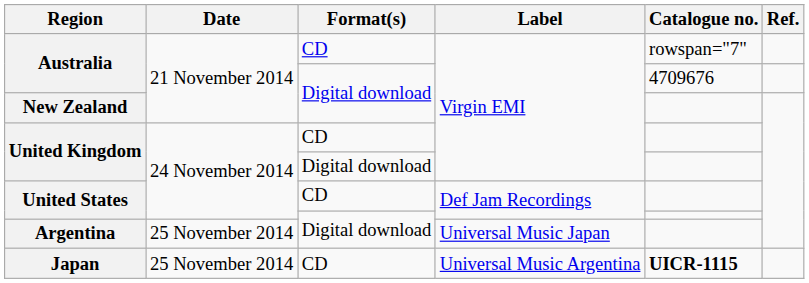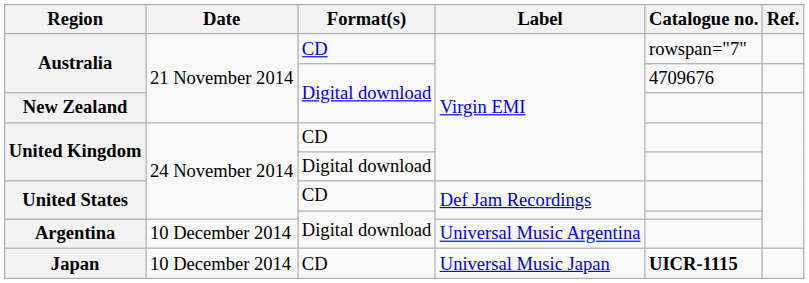 <table class="wikitable plainrowheaders">
 <tr>
 <th scope="col">Region</th>
 <th scope="col">Date</th>
 <th scope="col">Format(s)</th>
 <th scope="col">Label</th>
 <th scope="col">Catalogue no.</th>
 <th scope="col">Ref.</th>
 </tr>
 <tr>
 <th scope="row" rowspan="2">Australia</th>
 <td rowspan="3">21 November 2014</td>
 <td><a href='#'>CD</a></td>
 <td rowspan="5"><a href='#'>Virgin EMI</a></td>
 <td>rowspan="7" </td>
 <td align="center"></td>
 </tr>
 <tr>
 <td rowspan="2"><a href='#'>Digital download</a></td>
 <td>4709676</td>
 <td align="center"></td>
 </tr>
 <tr>
 <th scope="row">New Zealand</th>
 <td align="center"></td>
 </tr>
 <tr>
 <th scope="row" rowspan="2">United Kingdom</th>
 <td rowspan="4">24 November 2014</td>
 <td>CD</td>
 <td align="center"></td>
 </tr>
 <tr>
 <td>Digital download</td>
 <td align="center"></td>
 </tr>
 <tr>
 <th scope="row" rowspan="2">United States</th>
 <td>CD</td>
 <td rowspan="2"><a href='#'>Def Jam Recordings</a></td>
 <td align="center"></td>
 </tr>
 <tr>
 <td rowspan="2">Digital download</td>
 <td align="center"></td>
 </tr>
 <tr>
 <th scope="row">Argentina</th>
-<td>25 November 2014</td>
-<td><a href='#'>Universal Music Japan</a></td>
+<td>10 December 2014</td>
+<td><a href='#'>Universal Music Argentina</a></td>
 <td align="center"></td>
 </tr>
 <tr>
 <th scope="row">Japan</th>
-<td>25 November 2014</td>
+<td>10 December 2014</td>
 <td>CD</td>
-<td><a href='#'>Universal Music Argentina</a></td>
+<td><a href='#'>Universal Music Japan</a></td>
 <td><strong>UICR-1115</strong></td>
 <td align="center"></td>
 </tr>
 </table>
